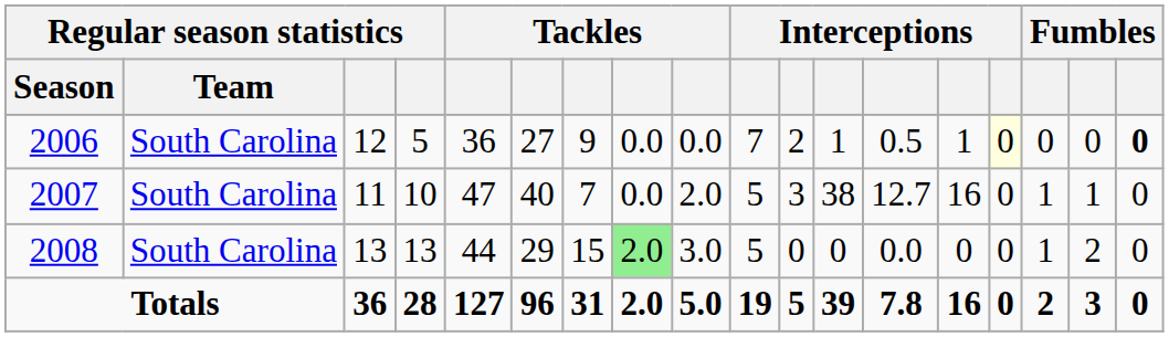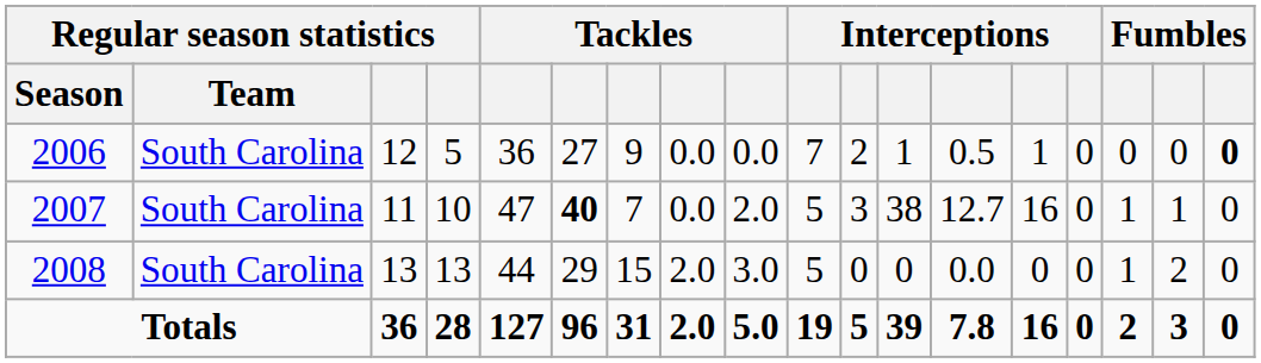 <table class="wikitable" style="text-align:center;">
 <tr>
 <th colspan="4">Regular season statistics</th>
 <th colspan="5">Tackles</th>
 <th colspan="6">Interceptions</th>
 <th colspan="3">Fumbles</th>
 </tr>
 <tr>
 <th>Season</th>
 <th>Team</th>
 <th></th>
 <th></th>
 <th></th>
 <th></th>
 <th></th>
 <th></th>
 <th></th>
 <th></th>
 <th></th>
 <th></th>
 <th></th>
 <th></th>
 <th></th>
 <th></th>
 <th></th>
 <th></th>
 </tr>
 <tr>
 <td><a href='#'>2006</a></td>
 <td><a href='#'>South Carolina</a></td>
 <td>12</td>
 <td>5</td>
 <td>36</td>
 <td>27</td>
 <td>9</td>
 <td>0.0</td>
 <td>0.0</td>
 <td>7</td>
 <td>2</td>
 <td>1</td>
 <td>0.5</td>
 <td>1</td>
-<td style="background: lightyellow;">0</td>
+<td>0</td>
 <td>0</td>
 <td>0</td>
 <td><strong>0</strong></td>
 </tr>
 <tr>
 <td><a href='#'>2007</a></td>
 <td><a href='#'>South Carolina</a></td>
 <td>11</td>
 <td>10</td>
 <td>47</td>
-<td>40</td>
+<td><strong>40</strong></td>
 <td>7</td>
 <td>0.0</td>
 <td>2.0</td>
 <td>5</td>
 <td>3</td>
 <td>38</td>
 <td>12.7</td>
 <td>16</td>
 <td>0</td>
 <td>1</td>
 <td>1</td>
 <td>0</td>
 </tr>
 <tr>
 <td><a href='#'>2008</a></td>
 <td><a href='#'>South Carolina</a></td>
 <td>13</td>
 <td>13</td>
 <td>44</td>
 <td>29</td>
 <td>15</td>
-<td style="background: lightgreen;">2.0</td>
+<td>2.0</td>
 <td>3.0</td>
 <td>5</td>
 <td>0</td>
 <td>0</td>
 <td>0.0</td>
 <td>0</td>
 <td>0</td>
 <td>1</td>
 <td>2</td>
 <td>0</td>
 </tr>
 <tr>
 <td colspan="2"><strong>Totals</strong></td>
 <td><strong>36</strong></td>
 <td><strong>28</strong></td>
 <td><strong>127</strong></td>
 <td><strong>96</strong></td>
 <td><strong>31</strong></td>
 <td><strong>2.0</strong></td>
 <td><strong>5.0</strong></td>
 <td><strong>19</strong></td>
 <td><strong>5</strong></td>
 <td><strong>39</strong></td>
 <td><strong>7.8</strong></td>
 <td><strong>16</strong></td>
 <td><strong>0</strong></td>
 <td><strong>2</strong></td>
 <td><strong>3</strong></td>
 <td><strong>0</strong></td>
 </tr>
 </table>
